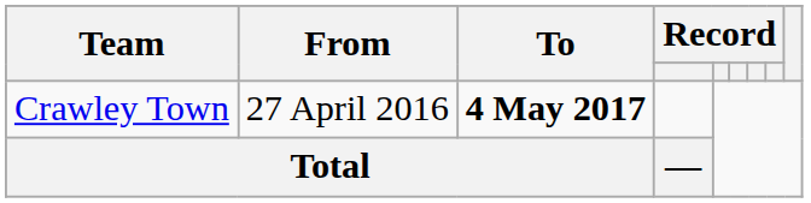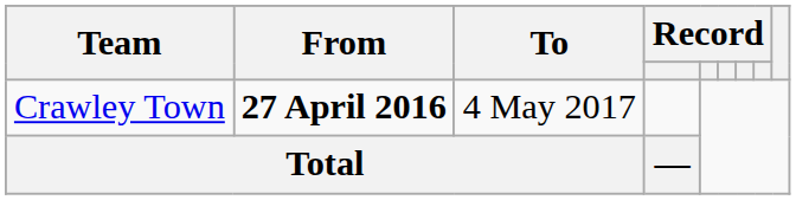 <table class=wikitable style="text-align: center">
 <tr>
 <th rowspan=2>Team</th>
 <th rowspan=2>From</th>
 <th rowspan=2>To</th>
 <th colspan=5>Record</th>
 <th rowspan=2></th>
 </tr>
 <tr>
 <th></th>
 <th></th>
 <th></th>
 <th></th>
 <th></th>
 </tr>
 <tr>
 <td align=left><a href='#'>Crawley Town</a></td>
-<td align=left>27 April 2016</td>
-<td align=left><strong>4 May 2017<br></strong></td>
+<td align=left><strong>27 April 2016</strong></td>
+<td align=left>4 May 2017<br></td>
 <td></td>
 </tr>
 <tr>
 <th colspan=3>Total<br></th>
 <th>—</th>
 </tr>
 </table>
